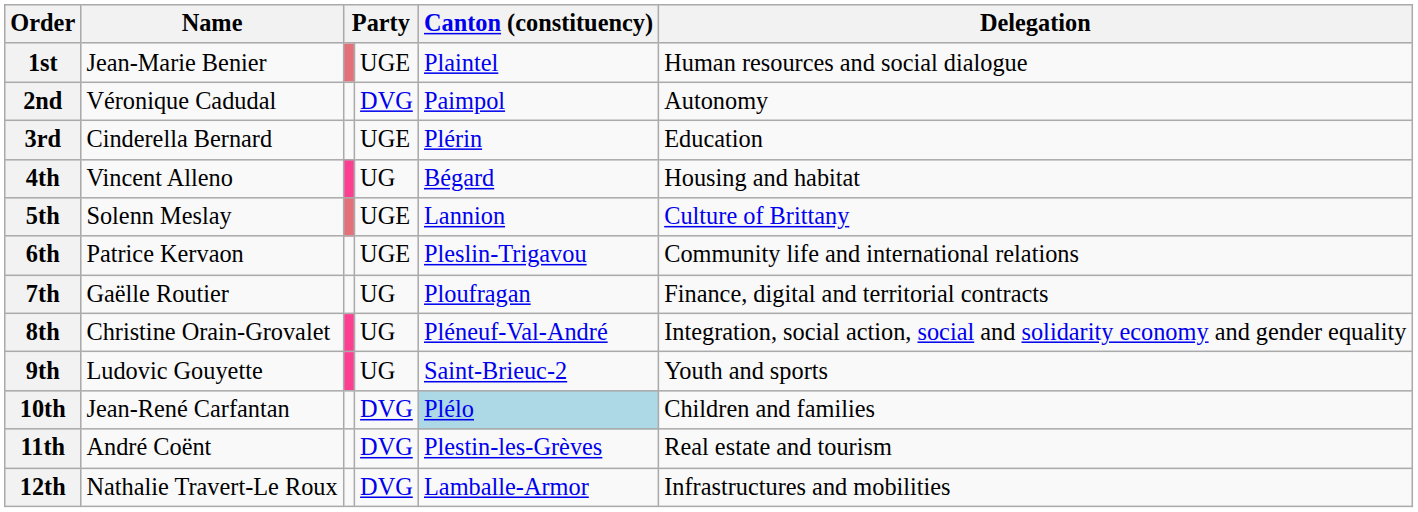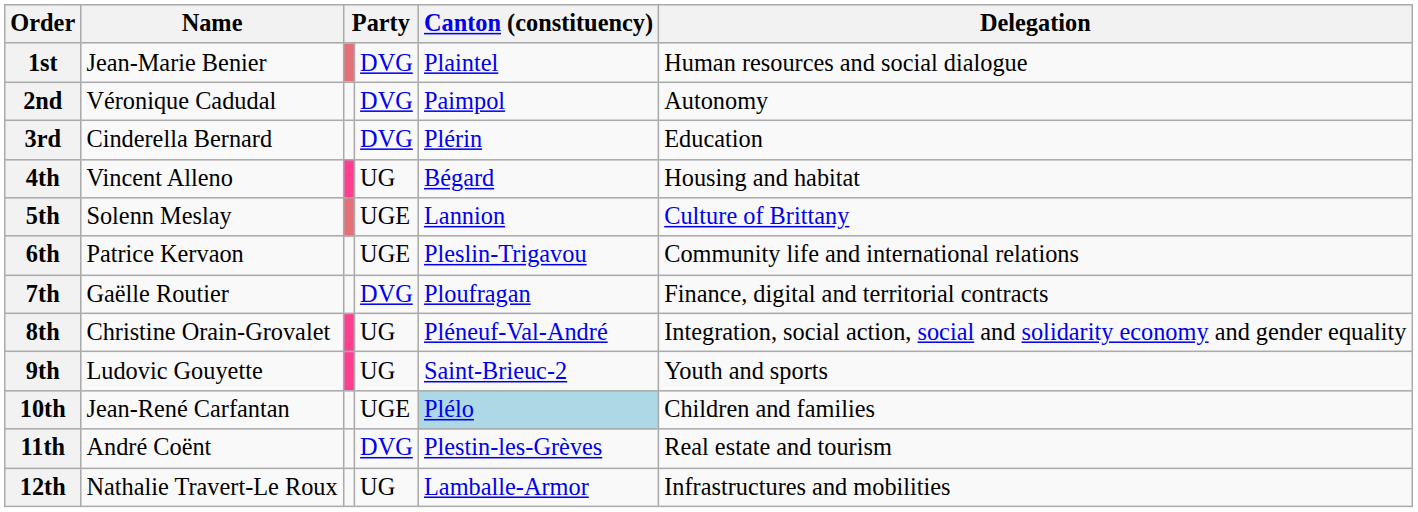 <table class="wikitable sortable">
 <tr>
 <th>Order</th>
 <th>Name</th>
 <th colspan="2">Party</th>
 <th><a href='#'>Canton</a> (constituency)</th>
 <th>Delegation</th>
 </tr>
 <tr>
 <th>1st</th>
 <td>Jean-Marie Benier</td>
 <td style="color:inherit;background:#E4717A"></td>
-<td>UGE</td>
+<td><a href='#'>DVG</a></td>
 <td><a href='#'>Plaintel</a></td>
 <td>Human resources and social dialogue</td>
 </tr>
 <tr>
 <th>2nd</th>
 <td>Véronique Cadudal</td>
 <td style="color:inherit;background:"></td>
 <td><a href='#'>DVG</a></td>
 <td><a href='#'>Paimpol</a></td>
 <td>Autonomy</td>
 </tr>
 <tr>
 <th>3rd</th>
 <td>Cinderella Bernard</td>
 <td style="color:inherit;background:"></td>
-<td>UGE</td>
+<td><a href='#'>DVG</a></td>
 <td><a href='#'>Plérin</a></td>
 <td>Education</td>
 </tr>
 <tr>
 <th>4th</th>
 <td>Vincent Alleno</td>
 <td style="color:inherit;background:#FD3F92"></td>
 <td>UG</td>
 <td><a href='#'>Bégard</a></td>
 <td>Housing and habitat</td>
 </tr>
 <tr>
 <th>5th</th>
 <td>Solenn Meslay</td>
 <td style="color:inherit;background:#E4717A"></td>
 <td>UGE</td>
 <td><a href='#'>Lannion</a></td>
 <td><a href='#'>Culture of Brittany</a></td>
 </tr>
 <tr>
 <th>6th</th>
 <td>Patrice Kervaon</td>
 <td style="color:inherit;background:"></td>
 <td>UGE</td>
 <td><a href='#'>Pleslin-Trigavou</a></td>
 <td>Community life and international relations</td>
 </tr>
 <tr>
 <th>7th</th>
 <td>Gaëlle Routier</td>
 <td style="color:inherit;background:"></td>
-<td>UG</td>
+<td><a href='#'>DVG</a></td>
 <td><a href='#'>Ploufragan</a></td>
 <td>Finance, digital and territorial contracts</td>
 </tr>
 <tr>
 <th>8th</th>
 <td>Christine Orain-Grovalet</td>
 <td style="color:inherit;background:#FD3F92"></td>
 <td>UG</td>
 <td><a href='#'>Pléneuf-Val-André</a></td>
 <td>Integration, social action, <a href='#'>social</a> and <a href='#'>solidarity economy</a> and gender equality</td>
 </tr>
 <tr>
 <th>9th</th>
 <td>Ludovic Gouyette</td>
 <td style="color:inherit;background:#FD3F92"></td>
 <td>UG</td>
 <td><a href='#'>Saint-Brieuc-2</a></td>
 <td>Youth and sports</td>
 </tr>
 <tr>
 <th>10th</th>
 <td>Jean-René Carfantan</td>
 <td style="color:inherit;background:"></td>
-<td><a href='#'>DVG</a></td>
+<td>UGE</td>
 <td style="background: lightblue;"><a href='#'>Plélo</a></td>
 <td>Children and families</td>
 </tr>
 <tr>
 <th>11th</th>
 <td>André Coënt</td>
 <td style="color:inherit;background:"></td>
 <td><a href='#'>DVG</a></td>
 <td><a href='#'>Plestin-les-Grèves</a></td>
 <td>Real estate and tourism</td>
 </tr>
 <tr>
 <th>12th</th>
 <td>Nathalie Travert-Le Roux</td>
 <td style="color:inherit;background:"></td>
-<td><a href='#'>DVG</a></td>
+<td>UG</td>
 <td><a href='#'>Lamballe-Armor</a></td>
 <td>Infrastructures and mobilities</td>
 </tr>
 </table>
